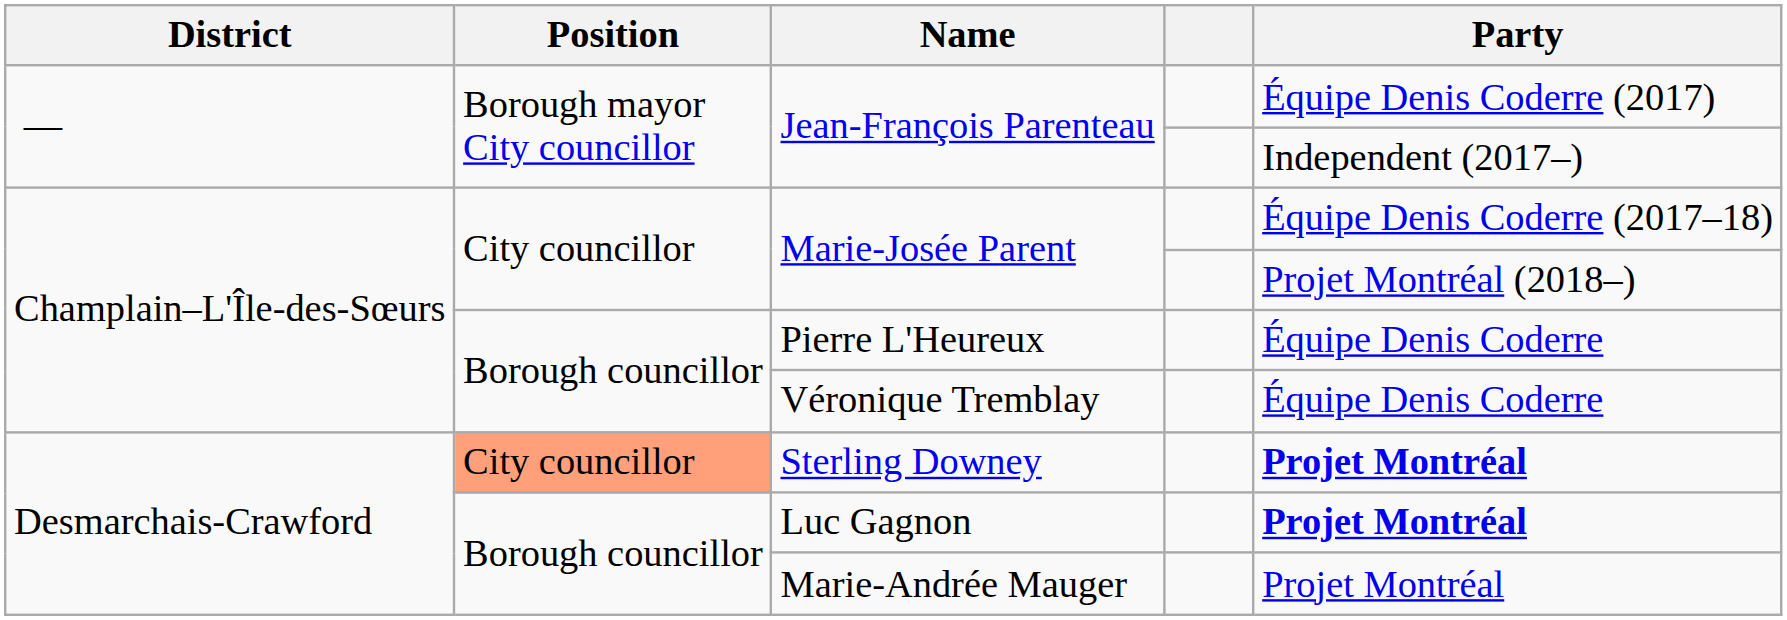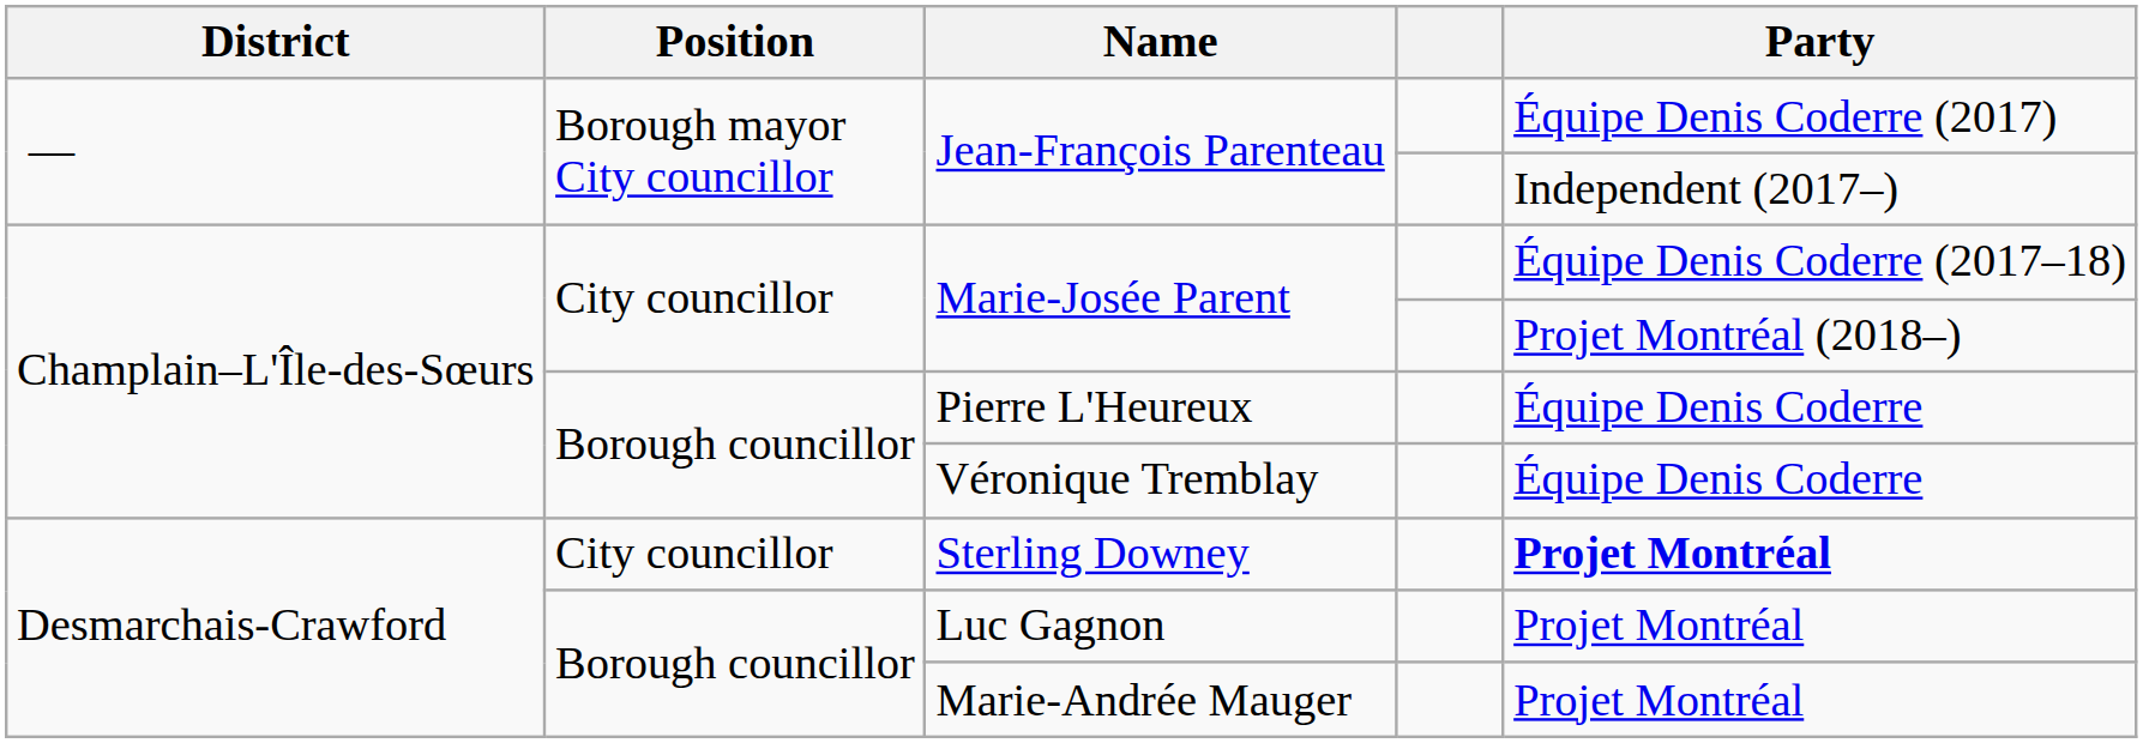 <table class="wikitable" border="1">
 <tr>
 <th>District</th>
 <th>Position</th>
 <th>Name</th>
 <th width="30px"> </th>
 <th>Party</th>
 </tr>
 <tr>
 <td rowspan=2> —</td>
 <td rowspan=2>Borough mayor<br><a href='#'>City councillor</a></td>
 <td rowspan=2><a href='#'>Jean-François Parenteau</a></td>
 <td> </td>
 <td><a href='#'>Équipe Denis Coderre</a> (2017)</td>
 </tr>
 <tr>
 <td rowspan=1 > </td>
 <td rowspan=1>Independent (2017–)</td>
 </tr>
 <tr>
 <td rowspan=4>Champlain–L'Île-des-Sœurs</td>
 <td rowspan=2>City councillor</td>
 <td rowspan=2><a href='#'>Marie-Josée Parent</a></td>
 <td> </td>
 <td><a href='#'>Équipe Denis Coderre</a> (2017–18)</td>
 </tr>
 <tr>
 <td rowspan=1 > </td>
 <td rowspan=1><a href='#'>Projet Montréal</a> (2018–)</td>
 </tr>
 <tr>
 <td rowspan=2>Borough councillor</td>
 <td>Pierre L'Heureux</td>
 <td> </td>
 <td><a href='#'>Équipe Denis Coderre</a></td>
 </tr>
 <tr>
 <td>Véronique Tremblay</td>
 <td> </td>
 <td><a href='#'>Équipe Denis Coderre</a></td>
 </tr>
 <tr>
 <td rowspan=3>Desmarchais-Crawford</td>
-<td style="background: lightsalmon;">City councillor</td>
+<td>City councillor</td>
 <td><a href='#'>Sterling Downey</a></td>
 <td> </td>
 <td><strong><a href='#'>Projet Montréal</a></strong></td>
 </tr>
 <tr>
 <td rowspan=2>Borough councillor</td>
 <td>Luc Gagnon</td>
 <td> </td>
-<td><strong><a href='#'>Projet Montréal</a></strong></td>
+<td><a href='#'>Projet Montréal</a></td>
 </tr>
 <tr>
 <td>Marie-Andrée Mauger</td>
 <td> </td>
 <td><a href='#'>Projet Montréal</a></td>
 </tr>
 </table>
